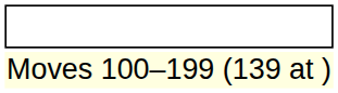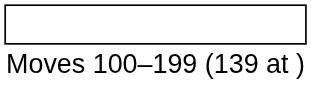 <table style="display:inline; display:inline-table;">
 <tr>
 <td style="border: solid thin; padding: 2px;"><br></td>
 </tr>
 <tr>
-<td style="background: lightyellow; text-align:center">Moves 100–199 (139 at )</td>
+<td style="text-align:center">Moves 100–199 (139 at )</td>
 </tr>
 </table>
